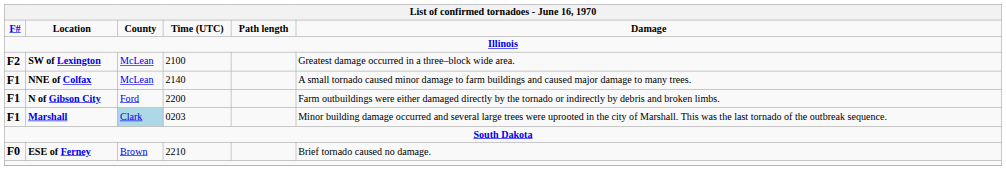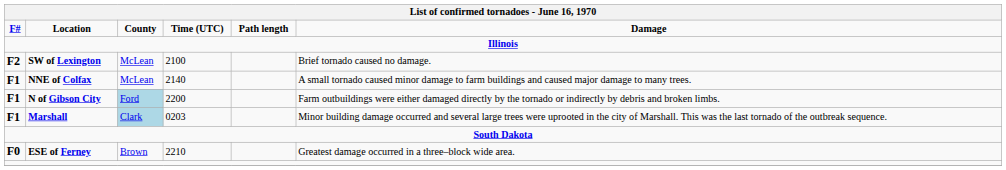 <table class="wikitable toccolours collapsible" width="100%">
 <tr>
 <th colspan="6">List of confirmed tornadoes - June 16, 1970</th>
 </tr>
 <tr style="text-align:center;">
 <td><strong><a href='#'>F#</a></strong></td>
 <td><strong>Location</strong></td>
 <td><strong>County</strong></td>
 <td><strong>Time (UTC)</strong></td>
 <td><strong>Path length</strong></td>
 <td><strong>Damage</strong></td>
 </tr>
 <tr>
 <td colspan="7" style="text-align:center;"><strong><a href='#'>Illinois</a></strong></td>
 </tr>
 <tr>
 <td><big><strong>F2</strong></big></td>
 <td><strong>SW of <a href='#'>Lexington</a></strong></td>
 <td><a href='#'>McLean</a></td>
 <td>2100</td>
 <td></td>
-<td>Greatest damage occurred in a three–block wide area.</td>
+<td>Brief tornado caused no damage.</td>
 </tr>
 <tr>
 <td><big><strong>F1</strong></big></td>
 <td><strong>NNE of <a href='#'>Colfax</a></strong></td>
 <td><a href='#'>McLean</a></td>
 <td>2140</td>
 <td></td>
 <td>A small tornado caused minor damage to farm buildings and caused major damage to many trees.</td>
 </tr>
 <tr>
 <td><big><strong>F1</strong></big></td>
 <td><strong>N of <a href='#'>Gibson City</a></strong></td>
-<td><a href='#'>Ford</a></td>
+<td style="background: lightblue;"><a href='#'>Ford</a></td>
 <td>2200</td>
 <td></td>
 <td>Farm outbuildings were either damaged directly by the tornado or indirectly by debris and broken limbs.</td>
 </tr>
 <tr>
 <td><big><strong>F1</strong></big></td>
 <td><strong><a href='#'>Marshall</a></strong></td>
 <td style="background: lightblue;"><a href='#'>Clark</a></td>
 <td>0203</td>
 <td></td>
 <td>Minor building damage occurred and several large trees were uprooted in the city of Marshall. This was the last tornado of the outbreak sequence.</td>
 </tr>
 <tr>
 <td colspan="7" align="center"><strong><a href='#'>South Dakota</a></strong></td>
 </tr>
 <tr>
 <td><big><strong>F0</strong></big></td>
 <td><strong>ESE of <a href='#'>Ferney</a></strong></td>
 <td><a href='#'>Brown</a></td>
 <td>2210</td>
 <td></td>
-<td>Brief tornado caused no damage.</td>
+<td>Greatest damage occurred in a three–block wide area.</td>
 </tr>
 <tr>
 <td colspan="7" align="center"><small></small></td>
 </tr>
 <tr>
 </tr>
 </table>
